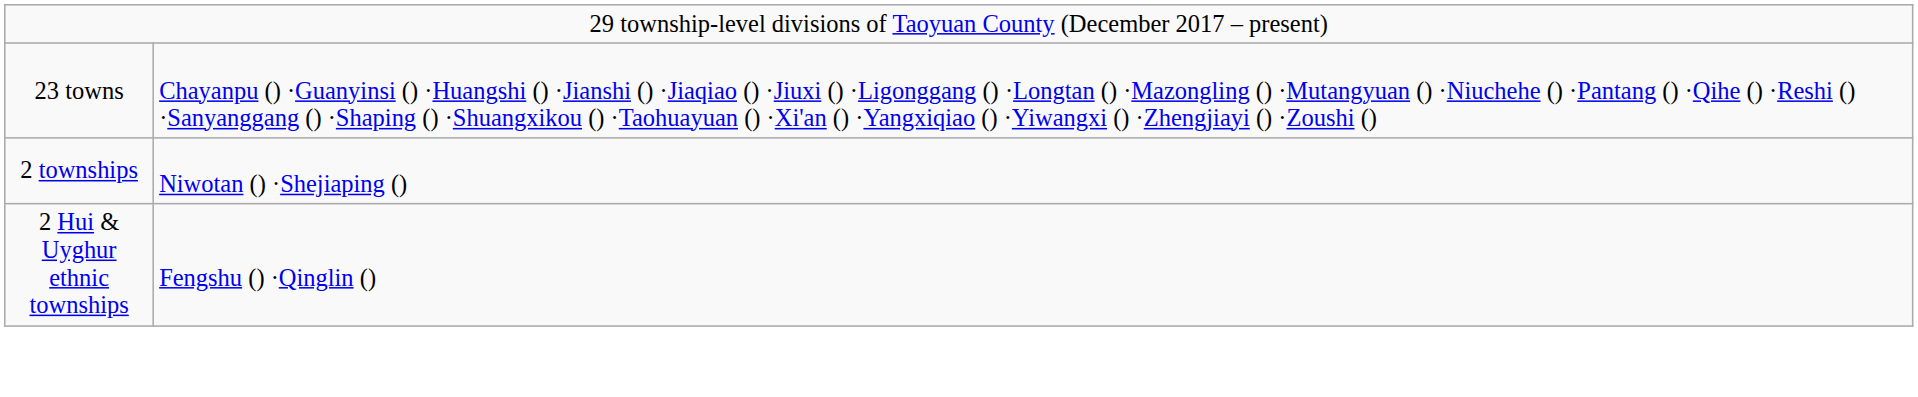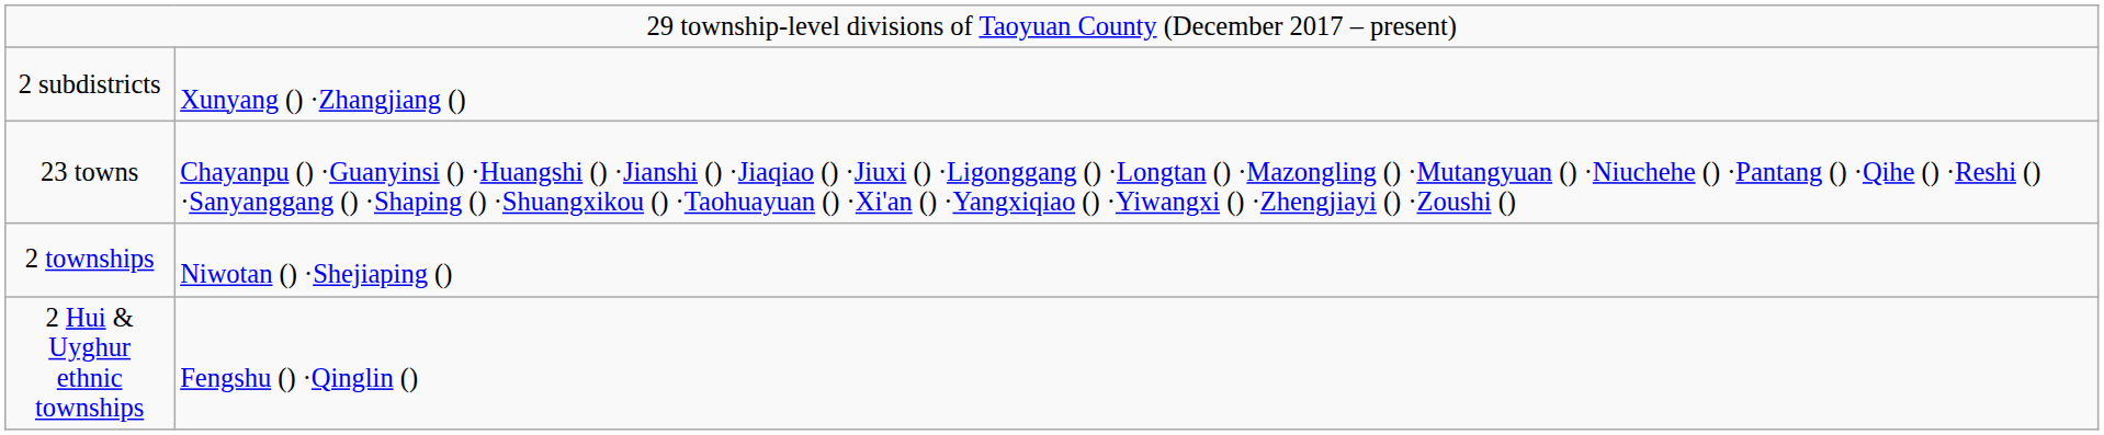 <table class="wikitable">
 <tr>
 <td style="text-align:center;" colspan="2">29 township-level divisions of <a href='#'>Taoyuan County</a> (December 2017 – present)</td>
+</tr>
+<tr align=left>
+<td align=center>2 subdistricts</td>
+<td><br><a href='#'>Xunyang</a> () ·<a href='#'>Zhangjiang</a> ()</td>
 </tr>
 <tr align=left>
 <td align=center>23 towns</td>
 <td><br><a href='#'>Chayanpu</a> () ·<a href='#'>Guanyinsi</a> () ·<a href='#'>Huangshi</a> () ·<a href='#'>Jianshi</a> () ·<a href='#'>Jiaqiao</a> () ·<a href='#'>Jiuxi</a> () ·<a href='#'>Ligonggang</a> () ·<a href='#'>Longtan</a> () ·<a href='#'>Mazongling</a> () ·<a href='#'>Mutangyuan</a> () ·<a href='#'>Niuchehe</a> () ·<a href='#'>Pantang</a> () ·<a href='#'>Qihe</a> () ·<a href='#'>Reshi</a> () ·<a href='#'>Sanyanggang</a> () ·<a href='#'>Shaping</a> () ·<a href='#'>Shuangxikou</a> () ·<a href='#'>Taohuayuan</a> () ·<a href='#'>Xi'an</a> () ·<a href='#'>Yangxiqiao</a> () ·<a href='#'>Yiwangxi</a> () ·<a href='#'>Zhengjiayi</a> () ·<a href='#'>Zoushi</a> ()</td>
 </tr>
 <tr align=left>
 <td align=center>2 <a href='#'>townships</a></td>
 <td><br><a href='#'>Niwotan</a> () ·<a href='#'>Shejiaping</a> ()</td>
 </tr>
 <tr align=left>
 <td align=center>2 <a href='#'>Hui</a> & <a href='#'>Uyghur</a><br><a href='#'>ethnic townships</a></td>
 <td><br><a href='#'>Fengshu</a> () ·<a href='#'>Qinglin</a> ()</td>
 </tr>
 </table>
